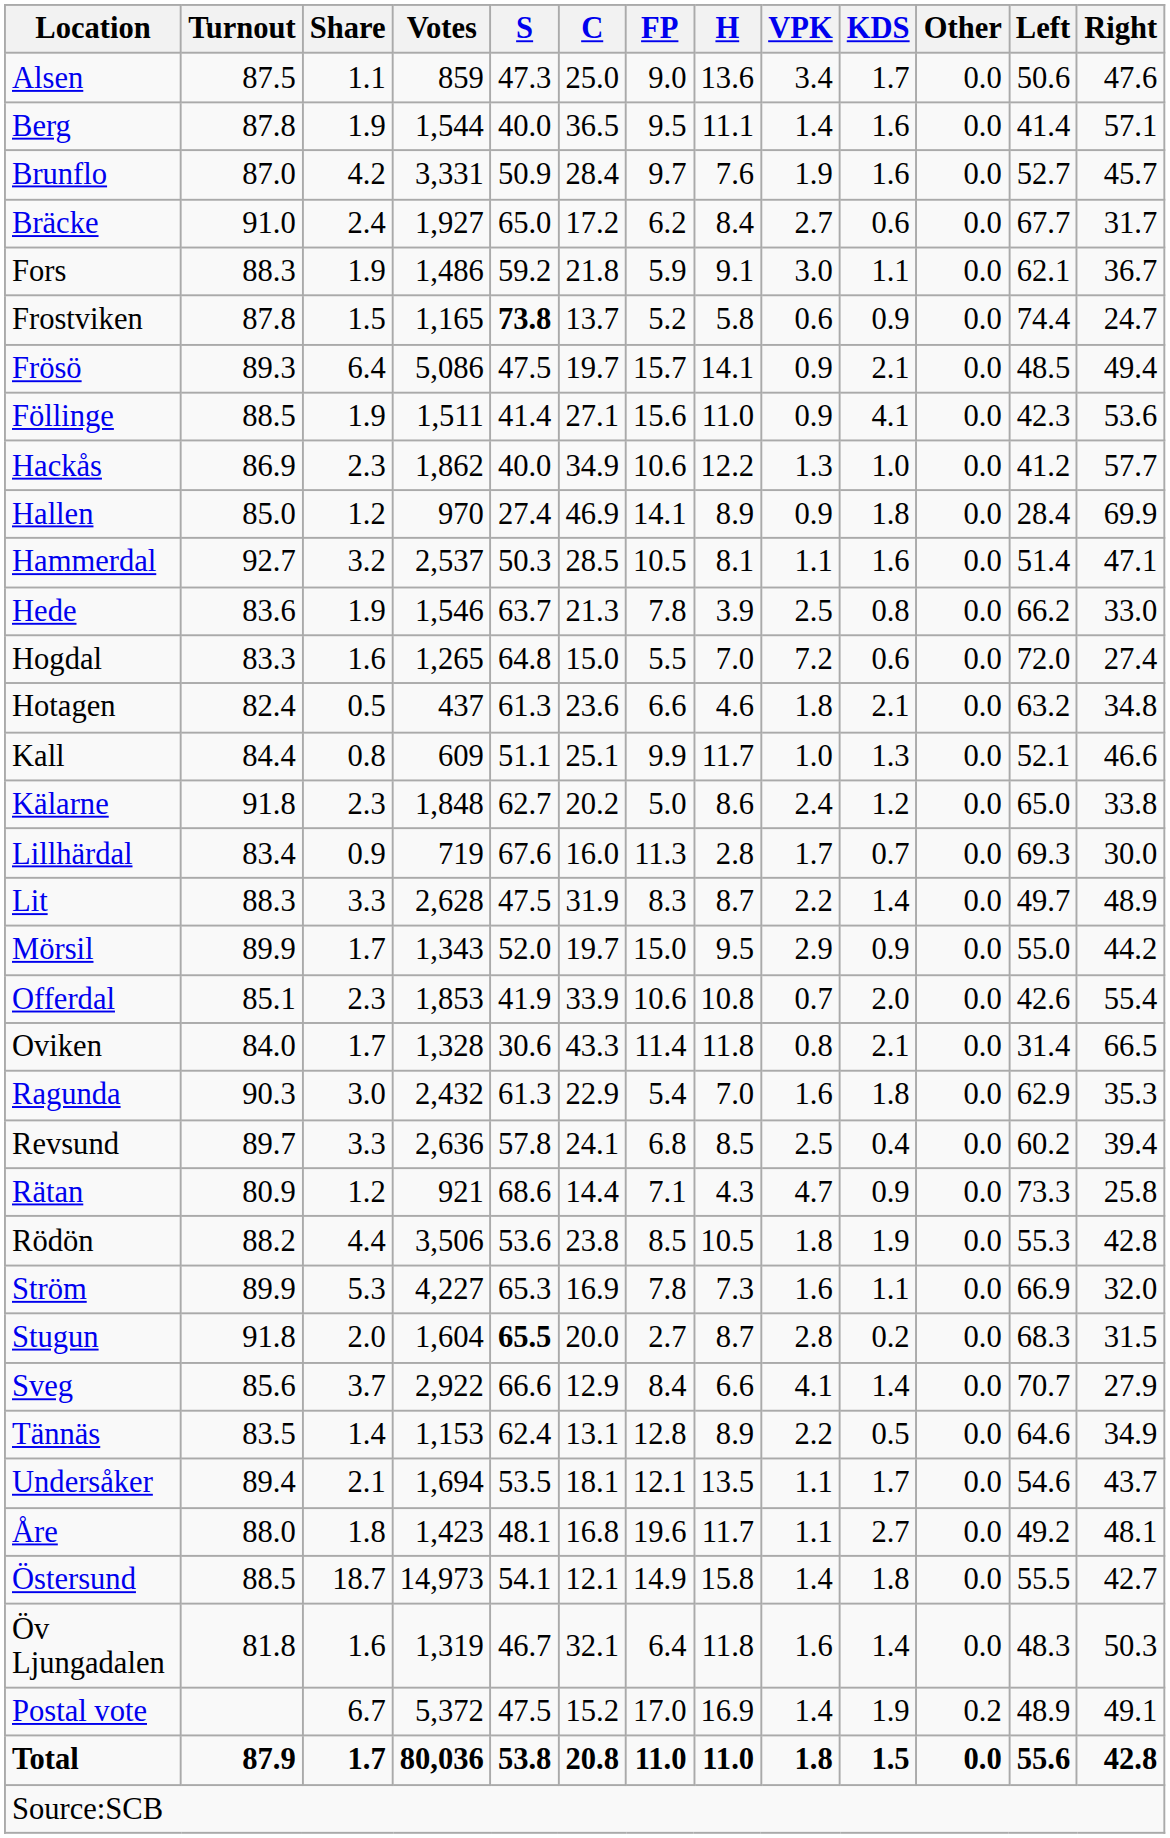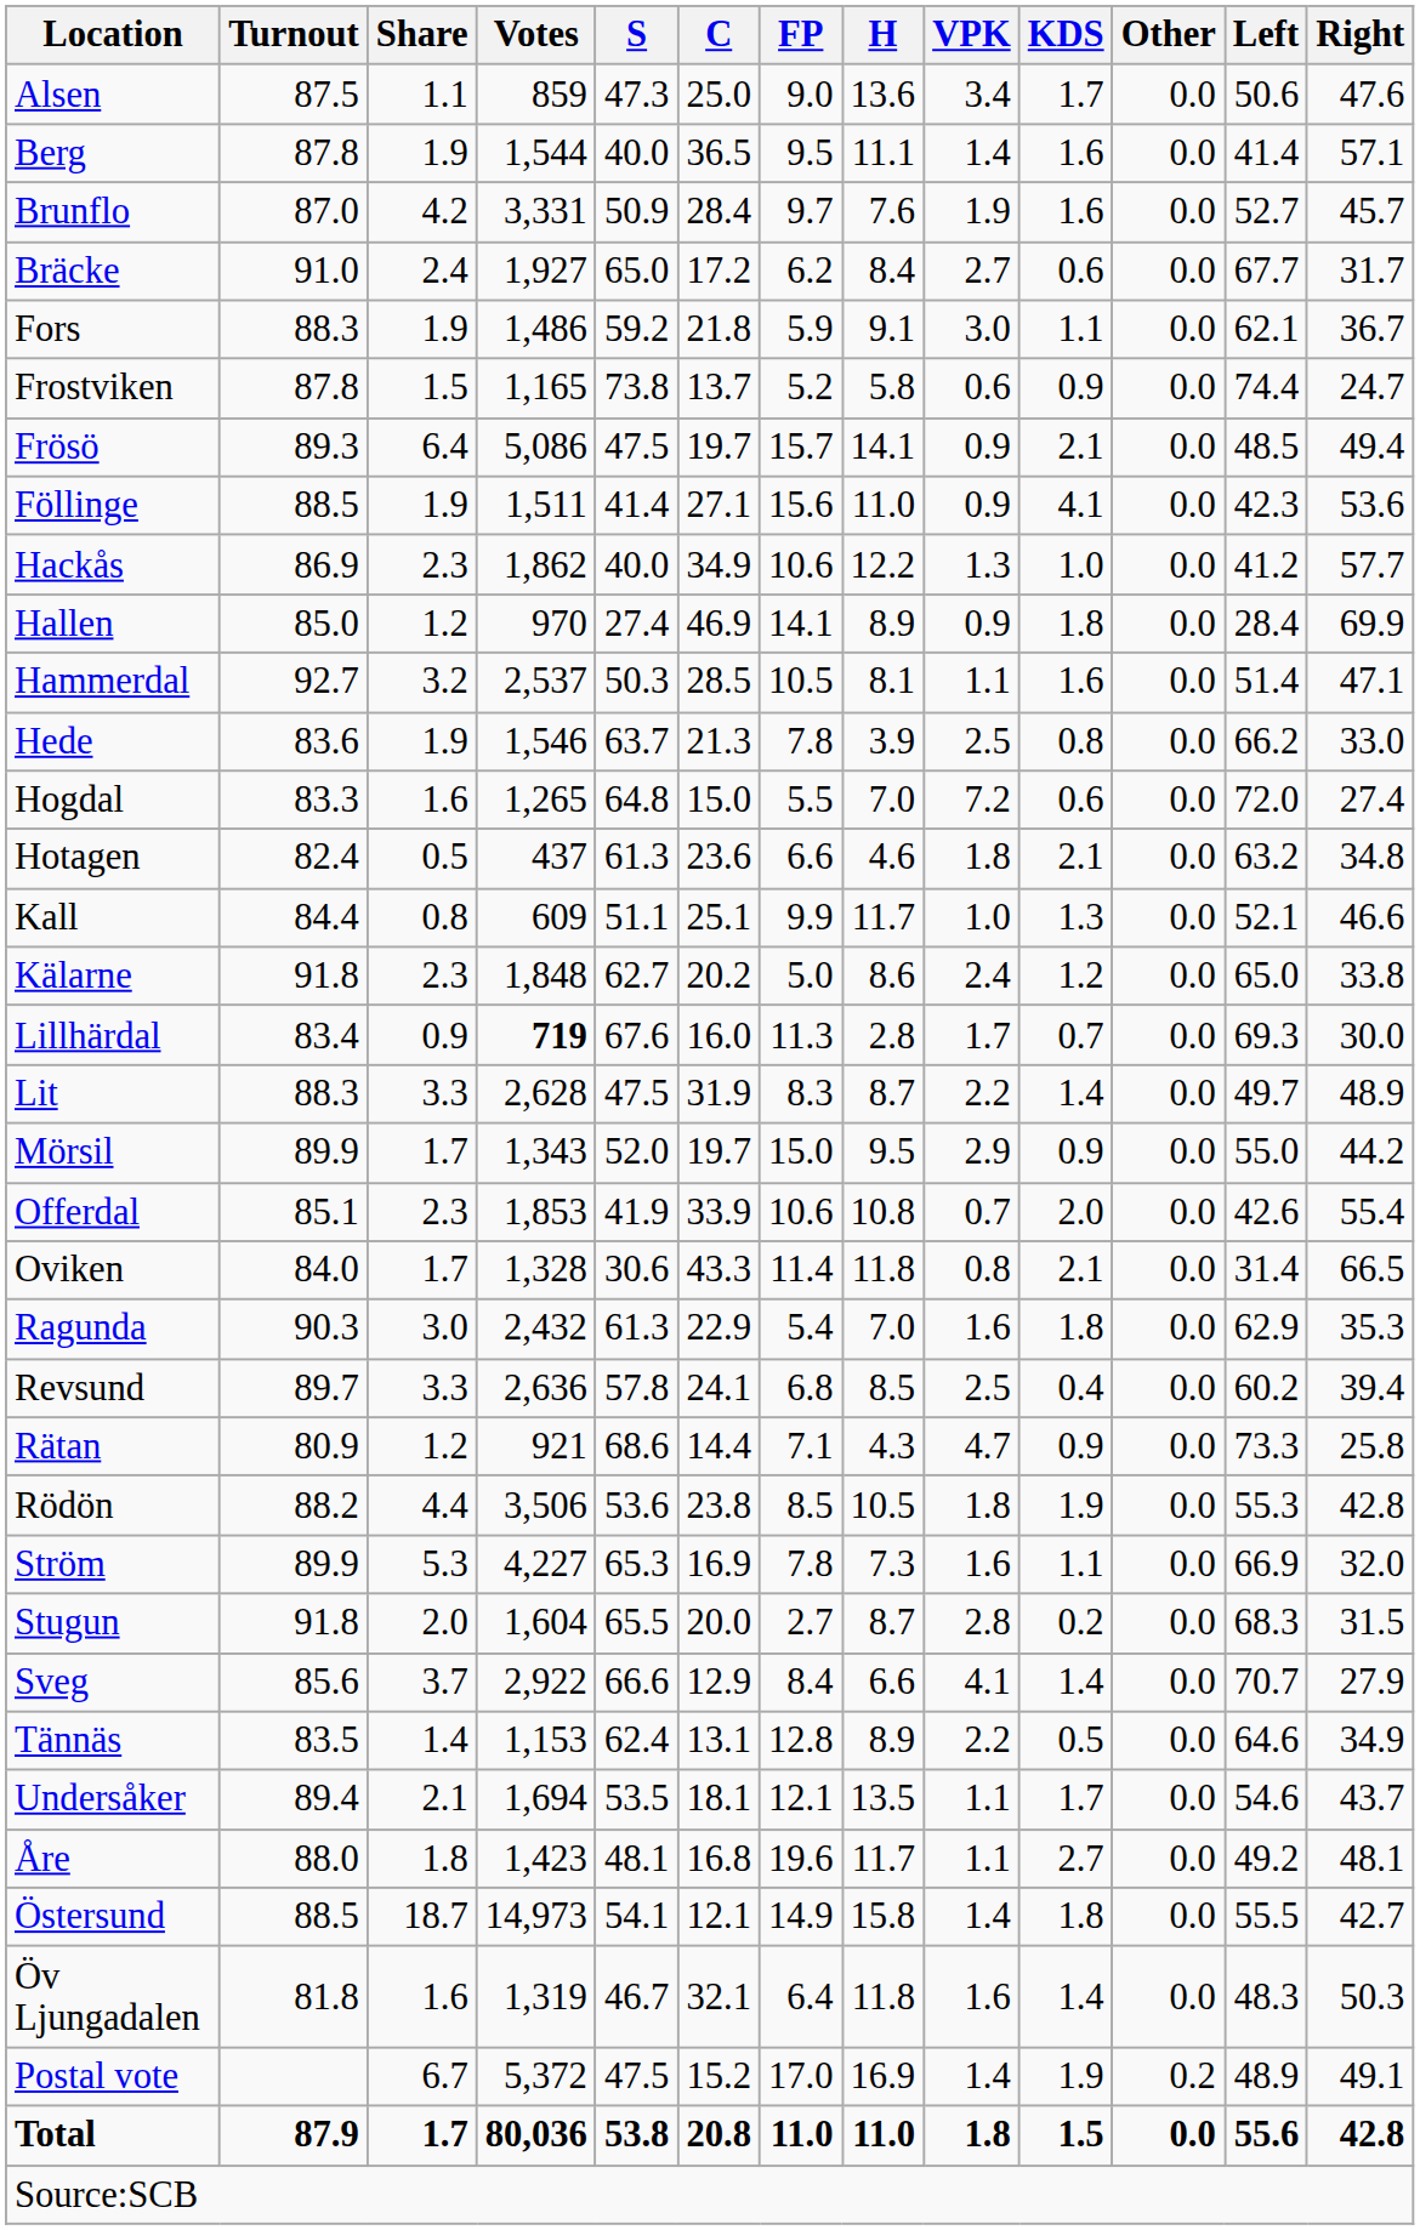 <table class="wikitable sortable" style=text-align:right>
 <tr>
 <th>Location</th>
 <th>Turnout</th>
 <th>Share</th>
 <th>Votes</th>
 <th><a href='#'>S</a></th>
 <th><a href='#'>C</a></th>
 <th><a href='#'>FP</a></th>
 <th><a href='#'>H</a></th>
 <th><a href='#'>VPK</a></th>
 <th><a href='#'>KDS</a></th>
 <th>Other</th>
 <th>Left</th>
 <th>Right</th>
 </tr>
 <tr>
 <td align=left><a href='#'>Alsen</a></td>
 <td>87.5</td>
 <td>1.1</td>
 <td>859</td>
 <td>47.3</td>
 <td>25.0</td>
 <td>9.0</td>
 <td>13.6</td>
 <td>3.4</td>
 <td>1.7</td>
 <td>0.0</td>
 <td>50.6</td>
 <td>47.6</td>
 </tr>
 <tr>
 <td align=left><a href='#'>Berg</a></td>
 <td>87.8</td>
 <td>1.9</td>
 <td>1,544</td>
 <td>40.0</td>
 <td>36.5</td>
 <td>9.5</td>
 <td>11.1</td>
 <td>1.4</td>
 <td>1.6</td>
 <td>0.0</td>
 <td>41.4</td>
 <td>57.1</td>
 </tr>
 <tr>
 <td align=left><a href='#'>Brunflo</a></td>
 <td>87.0</td>
 <td>4.2</td>
 <td>3,331</td>
 <td>50.9</td>
 <td>28.4</td>
 <td>9.7</td>
 <td>7.6</td>
 <td>1.9</td>
 <td>1.6</td>
 <td>0.0</td>
 <td>52.7</td>
 <td>45.7</td>
 </tr>
 <tr>
 <td align=left><a href='#'>Bräcke</a></td>
 <td>91.0</td>
 <td>2.4</td>
 <td>1,927</td>
 <td>65.0</td>
 <td>17.2</td>
 <td>6.2</td>
 <td>8.4</td>
 <td>2.7</td>
 <td>0.6</td>
 <td>0.0</td>
 <td>67.7</td>
 <td>31.7</td>
 </tr>
 <tr>
 <td align=left>Fors</td>
 <td>88.3</td>
 <td>1.9</td>
 <td>1,486</td>
 <td>59.2</td>
 <td>21.8</td>
 <td>5.9</td>
 <td>9.1</td>
 <td>3.0</td>
 <td>1.1</td>
 <td>0.0</td>
 <td>62.1</td>
 <td>36.7</td>
 </tr>
 <tr>
 <td align=left>Frostviken</td>
 <td>87.8</td>
 <td>1.5</td>
 <td>1,165</td>
-<td><strong>73.8</strong></td>
+<td>73.8</td>
 <td>13.7</td>
 <td>5.2</td>
 <td>5.8</td>
 <td>0.6</td>
 <td>0.9</td>
 <td>0.0</td>
 <td>74.4</td>
 <td>24.7</td>
 </tr>
 <tr>
 <td align=left><a href='#'>Frösö</a></td>
 <td>89.3</td>
 <td>6.4</td>
 <td>5,086</td>
 <td>47.5</td>
 <td>19.7</td>
 <td>15.7</td>
 <td>14.1</td>
 <td>0.9</td>
 <td>2.1</td>
 <td>0.0</td>
 <td>48.5</td>
 <td>49.4</td>
 </tr>
 <tr>
 <td align=left><a href='#'>Föllinge</a></td>
 <td>88.5</td>
 <td>1.9</td>
 <td>1,511</td>
 <td>41.4</td>
 <td>27.1</td>
 <td>15.6</td>
 <td>11.0</td>
 <td>0.9</td>
 <td>4.1</td>
 <td>0.0</td>
 <td>42.3</td>
 <td>53.6</td>
 </tr>
 <tr>
 <td align=left><a href='#'>Hackås</a></td>
 <td>86.9</td>
 <td>2.3</td>
 <td>1,862</td>
 <td>40.0</td>
 <td>34.9</td>
 <td>10.6</td>
 <td>12.2</td>
 <td>1.3</td>
 <td>1.0</td>
 <td>0.0</td>
 <td>41.2</td>
 <td>57.7</td>
 </tr>
 <tr>
 <td align=left><a href='#'>Hallen</a></td>
 <td>85.0</td>
 <td>1.2</td>
 <td>970</td>
 <td>27.4</td>
 <td>46.9</td>
 <td>14.1</td>
 <td>8.9</td>
 <td>0.9</td>
 <td>1.8</td>
 <td>0.0</td>
 <td>28.4</td>
 <td>69.9</td>
 </tr>
 <tr>
 <td align=left><a href='#'>Hammerdal</a></td>
 <td>92.7</td>
 <td>3.2</td>
 <td>2,537</td>
 <td>50.3</td>
 <td>28.5</td>
 <td>10.5</td>
 <td>8.1</td>
 <td>1.1</td>
 <td>1.6</td>
 <td>0.0</td>
 <td>51.4</td>
 <td>47.1</td>
 </tr>
 <tr>
 <td align=left><a href='#'>Hede</a></td>
 <td>83.6</td>
 <td>1.9</td>
 <td>1,546</td>
 <td>63.7</td>
 <td>21.3</td>
 <td>7.8</td>
 <td>3.9</td>
 <td>2.5</td>
 <td>0.8</td>
 <td>0.0</td>
 <td>66.2</td>
 <td>33.0</td>
 </tr>
 <tr>
 <td align=left>Hogdal</td>
 <td>83.3</td>
 <td>1.6</td>
 <td>1,265</td>
 <td>64.8</td>
 <td>15.0</td>
 <td>5.5</td>
 <td>7.0</td>
 <td>7.2</td>
 <td>0.6</td>
 <td>0.0</td>
 <td>72.0</td>
 <td>27.4</td>
 </tr>
 <tr>
 <td align=left>Hotagen</td>
 <td>82.4</td>
 <td>0.5</td>
 <td>437</td>
 <td>61.3</td>
 <td>23.6</td>
 <td>6.6</td>
 <td>4.6</td>
 <td>1.8</td>
 <td>2.1</td>
 <td>0.0</td>
 <td>63.2</td>
 <td>34.8</td>
 </tr>
 <tr>
 <td align=left>Kall</td>
 <td>84.4</td>
 <td>0.8</td>
 <td>609</td>
 <td>51.1</td>
 <td>25.1</td>
 <td>9.9</td>
 <td>11.7</td>
 <td>1.0</td>
 <td>1.3</td>
 <td>0.0</td>
 <td>52.1</td>
 <td>46.6</td>
 </tr>
 <tr>
 <td align=left><a href='#'>Kälarne</a></td>
 <td>91.8</td>
 <td>2.3</td>
 <td>1,848</td>
 <td>62.7</td>
 <td>20.2</td>
 <td>5.0</td>
 <td>8.6</td>
 <td>2.4</td>
 <td>1.2</td>
 <td>0.0</td>
 <td>65.0</td>
 <td>33.8</td>
 </tr>
 <tr>
 <td align=left><a href='#'>Lillhärdal</a></td>
 <td>83.4</td>
 <td>0.9</td>
-<td>719</td>
+<td><strong>719</strong></td>
 <td>67.6</td>
 <td>16.0</td>
 <td>11.3</td>
 <td>2.8</td>
 <td>1.7</td>
 <td>0.7</td>
 <td>0.0</td>
 <td>69.3</td>
 <td>30.0</td>
 </tr>
 <tr>
 <td align=left><a href='#'>Lit</a></td>
 <td>88.3</td>
 <td>3.3</td>
 <td>2,628</td>
 <td>47.5</td>
 <td>31.9</td>
 <td>8.3</td>
 <td>8.7</td>
 <td>2.2</td>
 <td>1.4</td>
 <td>0.0</td>
 <td>49.7</td>
 <td>48.9</td>
 </tr>
 <tr>
 <td align=left><a href='#'>Mörsil</a></td>
 <td>89.9</td>
 <td>1.7</td>
 <td>1,343</td>
 <td>52.0</td>
 <td>19.7</td>
 <td>15.0</td>
 <td>9.5</td>
 <td>2.9</td>
 <td>0.9</td>
 <td>0.0</td>
 <td>55.0</td>
 <td>44.2</td>
 </tr>
 <tr>
 <td align=left><a href='#'>Offerdal</a></td>
 <td>85.1</td>
 <td>2.3</td>
 <td>1,853</td>
 <td>41.9</td>
 <td>33.9</td>
 <td>10.6</td>
 <td>10.8</td>
 <td>0.7</td>
 <td>2.0</td>
 <td>0.0</td>
 <td>42.6</td>
 <td>55.4</td>
 </tr>
 <tr>
 <td align=left>Oviken</td>
 <td>84.0</td>
 <td>1.7</td>
 <td>1,328</td>
 <td>30.6</td>
 <td>43.3</td>
 <td>11.4</td>
 <td>11.8</td>
 <td>0.8</td>
 <td>2.1</td>
 <td>0.0</td>
 <td>31.4</td>
 <td>66.5</td>
 </tr>
 <tr>
 <td align=left><a href='#'>Ragunda</a></td>
 <td>90.3</td>
 <td>3.0</td>
 <td>2,432</td>
 <td>61.3</td>
 <td>22.9</td>
 <td>5.4</td>
 <td>7.0</td>
 <td>1.6</td>
 <td>1.8</td>
 <td>0.0</td>
 <td>62.9</td>
 <td>35.3</td>
 </tr>
 <tr>
 <td align=left>Revsund</td>
 <td>89.7</td>
 <td>3.3</td>
 <td>2,636</td>
 <td>57.8</td>
 <td>24.1</td>
 <td>6.8</td>
 <td>8.5</td>
 <td>2.5</td>
 <td>0.4</td>
 <td>0.0</td>
 <td>60.2</td>
 <td>39.4</td>
 </tr>
 <tr>
 <td align=left><a href='#'>Rätan</a></td>
 <td>80.9</td>
 <td>1.2</td>
 <td>921</td>
 <td>68.6</td>
 <td>14.4</td>
 <td>7.1</td>
 <td>4.3</td>
 <td>4.7</td>
 <td>0.9</td>
 <td>0.0</td>
 <td>73.3</td>
 <td>25.8</td>
 </tr>
 <tr>
 <td align=left>Rödön</td>
 <td>88.2</td>
 <td>4.4</td>
 <td>3,506</td>
 <td>53.6</td>
 <td>23.8</td>
 <td>8.5</td>
 <td>10.5</td>
 <td>1.8</td>
 <td>1.9</td>
 <td>0.0</td>
 <td>55.3</td>
 <td>42.8</td>
 </tr>
 <tr>
 <td align=left><a href='#'>Ström</a></td>
 <td>89.9</td>
 <td>5.3</td>
 <td>4,227</td>
 <td>65.3</td>
 <td>16.9</td>
 <td>7.8</td>
 <td>7.3</td>
 <td>1.6</td>
 <td>1.1</td>
 <td>0.0</td>
 <td>66.9</td>
 <td>32.0</td>
 </tr>
 <tr>
 <td align=left><a href='#'>Stugun</a></td>
 <td>91.8</td>
 <td>2.0</td>
 <td>1,604</td>
-<td><strong>65.5</strong></td>
+<td>65.5</td>
 <td>20.0</td>
 <td>2.7</td>
 <td>8.7</td>
 <td>2.8</td>
 <td>0.2</td>
 <td>0.0</td>
 <td>68.3</td>
 <td>31.5</td>
 </tr>
 <tr>
 <td align=left><a href='#'>Sveg</a></td>
 <td>85.6</td>
 <td>3.7</td>
 <td>2,922</td>
 <td>66.6</td>
 <td>12.9</td>
 <td>8.4</td>
 <td>6.6</td>
 <td>4.1</td>
 <td>1.4</td>
 <td>0.0</td>
 <td>70.7</td>
 <td>27.9</td>
 </tr>
 <tr>
 <td align=left><a href='#'>Tännäs</a></td>
 <td>83.5</td>
 <td>1.4</td>
 <td>1,153</td>
 <td>62.4</td>
 <td>13.1</td>
 <td>12.8</td>
 <td>8.9</td>
 <td>2.2</td>
 <td>0.5</td>
 <td>0.0</td>
 <td>64.6</td>
 <td>34.9</td>
 </tr>
 <tr>
 <td align=left><a href='#'>Undersåker</a></td>
 <td>89.4</td>
 <td>2.1</td>
 <td>1,694</td>
 <td>53.5</td>
 <td>18.1</td>
 <td>12.1</td>
 <td>13.5</td>
 <td>1.1</td>
 <td>1.7</td>
 <td>0.0</td>
 <td>54.6</td>
 <td>43.7</td>
 </tr>
 <tr>
 <td align=left><a href='#'>Åre</a></td>
 <td>88.0</td>
 <td>1.8</td>
 <td>1,423</td>
 <td>48.1</td>
 <td>16.8</td>
 <td>19.6</td>
 <td>11.7</td>
 <td>1.1</td>
 <td>2.7</td>
 <td>0.0</td>
 <td>49.2</td>
 <td>48.1</td>
 </tr>
 <tr>
 <td align=left><a href='#'>Östersund</a></td>
 <td>88.5</td>
 <td>18.7</td>
 <td>14,973</td>
 <td>54.1</td>
 <td>12.1</td>
 <td>14.9</td>
 <td>15.8</td>
 <td>1.4</td>
 <td>1.8</td>
 <td>0.0</td>
 <td>55.5</td>
 <td>42.7</td>
 </tr>
 <tr>
 <td align=left>Öv Ljungadalen</td>
 <td>81.8</td>
 <td>1.6</td>
 <td>1,319</td>
 <td>46.7</td>
 <td>32.1</td>
 <td>6.4</td>
 <td>11.8</td>
 <td>1.6</td>
 <td>1.4</td>
 <td>0.0</td>
 <td>48.3</td>
 <td>50.3</td>
 </tr>
 <tr>
 <td align=left><a href='#'>Postal vote</a></td>
 <td></td>
 <td>6.7</td>
 <td>5,372</td>
 <td>47.5</td>
 <td>15.2</td>
 <td>17.0</td>
 <td>16.9</td>
 <td>1.4</td>
 <td>1.9</td>
 <td>0.2</td>
 <td>48.9</td>
 <td>49.1</td>
 </tr>
 <tr>
 <td align=left><strong>Total</strong></td>
 <td><strong>87.9</strong></td>
 <td><strong>1.7</strong></td>
 <td><strong>80,036</strong></td>
 <td><strong>53.8</strong></td>
 <td><strong>20.8</strong></td>
 <td><strong>11.0</strong></td>
 <td><strong>11.0</strong></td>
 <td><strong>1.8</strong></td>
 <td><strong>1.5</strong></td>
 <td><strong>0.0</strong></td>
 <td><strong>55.6</strong></td>
 <td><strong>42.8</strong></td>
 </tr>
 <tr>
 <td align=left colspan=13>Source:SCB </td>
 </tr>
 </table>
